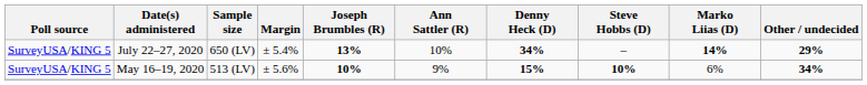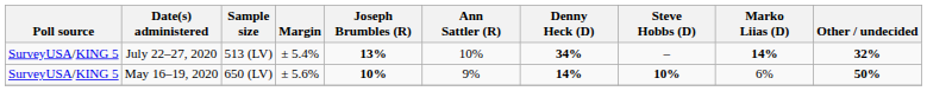 <table class="wikitable" style="font-size:90%;text-align:center;">
 <tr valign=bottom>
 <th>Poll source</th>
 <th>Date(s)<br>administered</th>
 <th>Sample<br>size</th>
 <th>Margin<br></th>
 <th style="width:100px;">Joseph<br>Brumbles (R)</th>
 <th style="width:100px;">Ann<br>Sattler (R)</th>
 <th style="width:100px;">Denny<br>Heck (D)</th>
 <th style="width:100px;">Steve<br>Hobbs (D)</th>
 <th style="width:100px;">Marko<br>Liias (D)</th>
 <th>Other / undecided</th>
 </tr>
 <tr>
 <td style="tex5-align:left;"><a href='#'>SurveyUSA</a>/<a href='#'>KING 5</a></td>
 <td>July 22–27, 2020</td>
-<td>650 (LV)</td>
+<td>513 (LV)</td>
 <td>± 5.4%</td>
 <td><strong>13%</strong></td>
 <td>10%</td>
 <td><strong>34%</strong></td>
 <td>–</td>
 <td><strong>14%</strong></td>
-<td><strong>29%</strong></td>
+<td><strong>32%</strong></td>
 </tr>
 <tr>
 <td style="tex5-align:left;"><a href='#'>SurveyUSA</a>/<a href='#'>KING 5</a></td>
 <td>May 16–19, 2020</td>
-<td>513 (LV)</td>
+<td>650 (LV)</td>
 <td>± 5.6%</td>
 <td><strong>10%</strong></td>
 <td>9%</td>
-<td><strong>15%</strong></td>
+<td><strong>14%</strong></td>
 <td><strong>10%</strong></td>
 <td>6%</td>
-<td><strong>34%</strong></td>
+<td><strong>50%</strong></td>
 </tr>
 <tr>
 </tr>
 </table>
